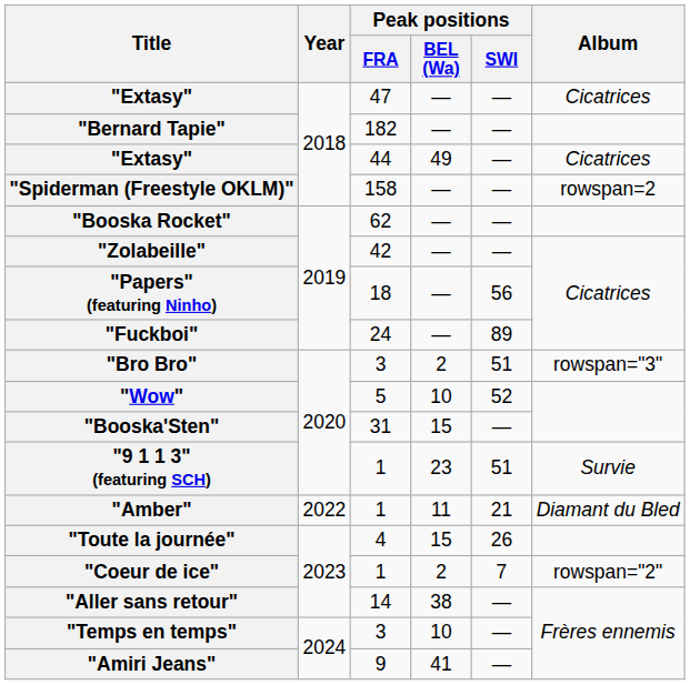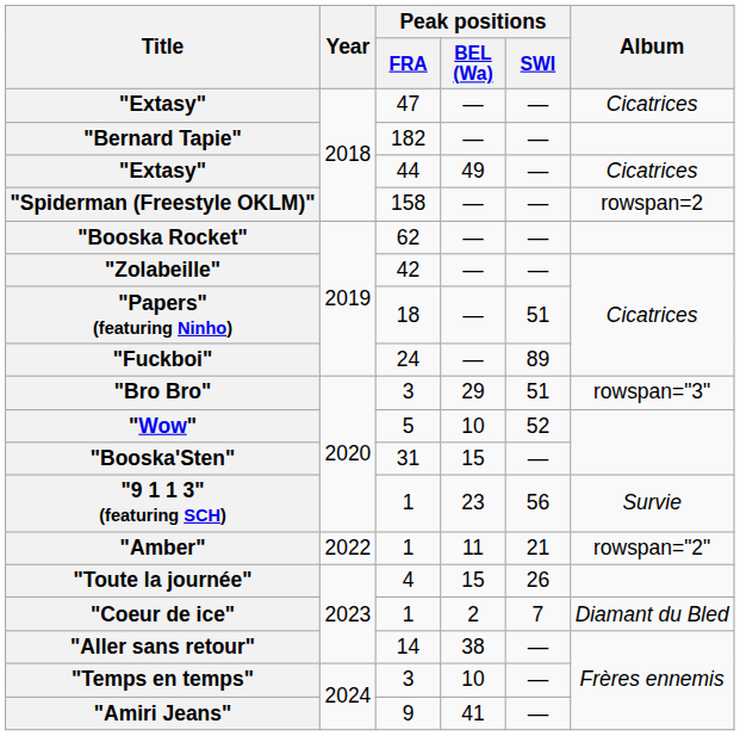 <table class="wikitable plainrowheaders" style="text-align:center">
 <tr>
 <th scope="col" rowspan="2">Title</th>
 <th scope="col" rowspan="2">Year</th>
 <th scope="col" colspan="3">Peak positions</th>
 <th scope="col" rowspan="2">Album</th>
 </tr>
 <tr>
 <th scope="col" style="width:3em;font-size:90%;"><a href='#'>FRA</a><br></th>
 <th scope="col" style="width:3em;font-size:90%;"><a href='#'>BEL <br>(Wa)</a><br></th>
 <th scope="col" style="width:3em;font-size:90%;"><a href='#'>SWI</a><br></th>
 </tr>
 <tr>
 <th scope="row">"Extasy"</th>
 <td rowspan="4">2018</td>
 <td>47</td>
 <td>—</td>
 <td>—</td>
 <td><em>Cicatrices</em></td>
 </tr>
 <tr>
 <th scope="row">"Bernard Tapie"</th>
 <td>182</td>
 <td>—</td>
 <td>—</td>
 <td></td>
 </tr>
 <tr>
 <th scope="row">"Extasy"</th>
 <td>44</td>
 <td>49</td>
 <td>—</td>
 <td><em>Cicatrices</em></td>
 </tr>
 <tr>
 <th scope="row">"Spiderman (Freestyle OKLM)"</th>
 <td>158</td>
 <td>—</td>
 <td>—</td>
 <td>rowspan=2 </td>
 </tr>
 <tr>
 <th scope="row">"Booska Rocket"</th>
 <td rowspan="4">2019</td>
 <td>62</td>
 <td>—</td>
 <td>—</td>
 </tr>
 <tr>
 <th scope="row">"Zolabeille"</th>
 <td>42</td>
 <td>—</td>
 <td>—</td>
 <td rowspan=3><em>Cicatrices</em></td>
 </tr>
 <tr>
 <th scope="row">"Papers" <br><small>(featuring <a href='#'>Ninho</a>)</small></th>
 <td>18</td>
 <td>—</td>
-<td>56</td>
+<td>51</td>
 </tr>
 <tr>
 <th scope="row">"Fuckboi"</th>
 <td>24</td>
 <td>—</td>
 <td>89</td>
 </tr>
 <tr>
 <th scope="row">"Bro Bro"</th>
 <td rowspan="4">2020</td>
 <td>3</td>
-<td>2</td>
+<td>29</td>
 <td>51</td>
 <td>rowspan="3" </td>
 </tr>
 <tr>
 <th scope="row">"<a href='#'>Wow</a>"</th>
 <td>5</td>
 <td>10</td>
 <td>52</td>
 </tr>
 <tr>
 <th scope="row">"Booska'Sten"</th>
 <td>31</td>
 <td>15</td>
 <td>—</td>
 </tr>
 <tr>
 <th scope="row">"9 1 1 3" <br><small>(featuring <a href='#'>SCH</a>)</small></th>
 <td>1</td>
 <td>23</td>
-<td>51</td>
+<td>56</td>
 <td><em>Survie</em></td>
 </tr>
 <tr>
 <th scope="row">"Amber"</th>
 <td>2022</td>
 <td>1</td>
 <td>11</td>
 <td>21</td>
-<td><em>Diamant du Bled</em></td>
+<td>rowspan="2" </td>
 </tr>
 <tr>
 <th scope="row">"Toute la journée"<br></th>
 <td rowspan="3">2023</td>
 <td>4</td>
 <td>15</td>
 <td>26</td>
 </tr>
 <tr>
 <th scope="row">"Coeur de ice"<br></th>
 <td>1</td>
 <td>2</td>
 <td>7</td>
-<td>rowspan="2" </td>
+<td><em>Diamant du Bled</em></td>
 </tr>
 <tr>
 <th scope="row">"Aller sans retour"<br></th>
 <td>14</td>
 <td>38</td>
 <td>—</td>
 <td rowspan="3"><em>Frères ennemis</em></td>
 </tr>
 <tr>
 <th scope="row">"Temps en temps"<br></th>
 <td rowspan="2">2024</td>
 <td>3</td>
 <td>10</td>
 <td>—</td>
 </tr>
 <tr>
 <th scope="row">"Amiri Jeans"<br></th>
 <td>9</td>
 <td>41</td>
 <td>—</td>
 </tr>
 </table>
